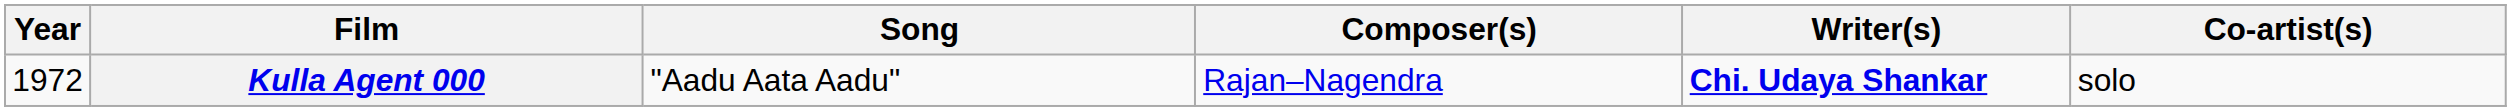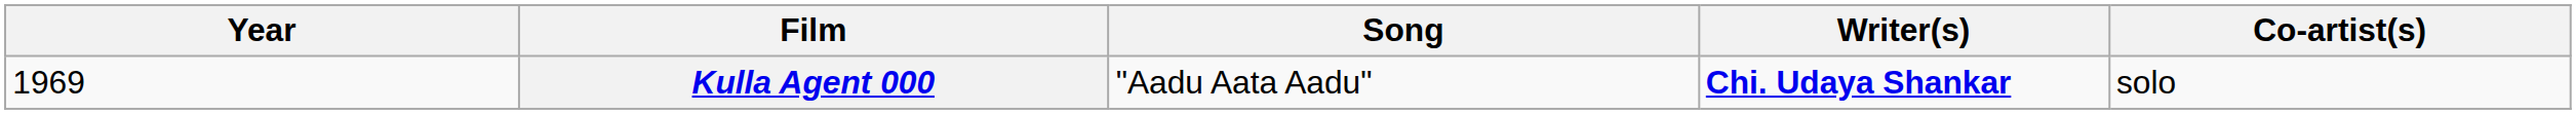 <table class="wikitable plainrowheaders" width="100%" textcolor:#000;">
 <tr style="background:#b0e0e66;">
 <th><strong>Year</strong></th>
 <th scope="col" width=23%><strong>Film</strong></th>
 <th scope="col" width=23%><strong>Song</strong></th>
-<th scope="col" width=20%><strong>Composer(s)</strong></th>
 <th scope="col" width=16%><strong>Writer(s)</strong></th>
 <th scope="col" width=18%><strong>Co-artist(s)</strong></th>
 </tr>
 <tr>
-<td>1972</td>
+<td>1969</td>
 <th><em><a href='#'>Kulla Agent 000</a></em></th>
 <td>"Aadu Aata Aadu"</td>
-<td><a href='#'>Rajan–Nagendra</a></td>
 <td><strong><a href='#'>Chi. Udaya Shankar</a></strong></td>
 <td>solo</td>
 </tr>
 </table>
